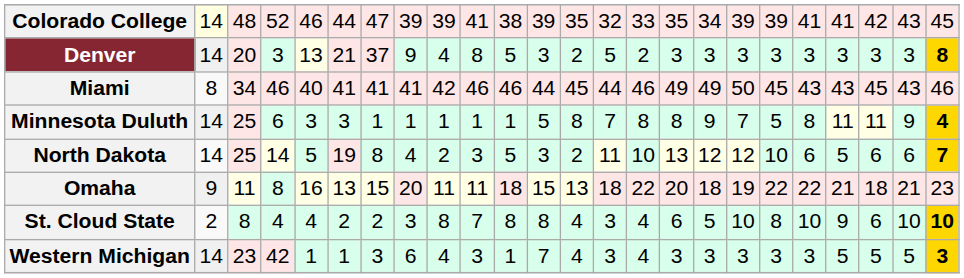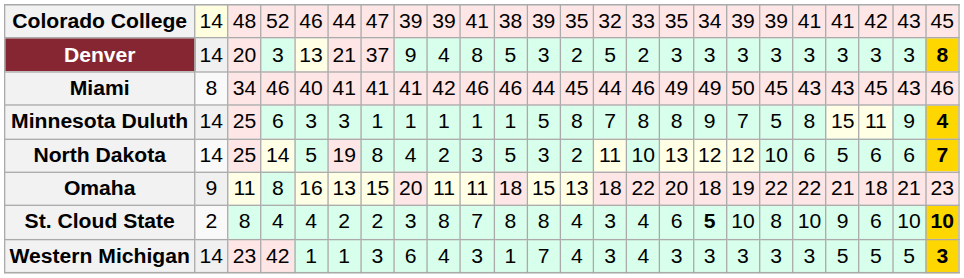 <table class="wikitable sortable" style="text-align: center;">
 <tr>
 </tr>
 <tr>
 <th>Colorado College</th>
 <td style="background: lightyellow;">14</td>
 <td bgcolor=FFE6E6>48</td>
 <td bgcolor=FFE6E6>52</td>
 <td bgcolor=FFE6E6>46</td>
 <td bgcolor=FFE6E6>44</td>
 <td bgcolor=FFE6E6>47</td>
 <td bgcolor=FFE6E6>39</td>
 <td bgcolor=FFE6E6>39</td>
 <td bgcolor=FFE6E6>41</td>
 <td bgcolor=FFE6E6>38</td>
 <td bgcolor=FFE6E6>39</td>
 <td bgcolor=FFE6E6>35</td>
 <td bgcolor=FFE6E6>32</td>
 <td bgcolor=FFE6E6>33</td>
 <td bgcolor=FFE6E6>35</td>
 <td bgcolor=FFE6E6>34</td>
 <td bgcolor=FFE6E6>39</td>
 <td bgcolor=FFE6E6>39</td>
 <td bgcolor=FFE6E6>41</td>
 <td bgcolor=FFE6E6>41</td>
 <td bgcolor=FFE6E6>42</td>
 <td bgcolor=FFE6E6>43</td>
 <td bgcolor=FFE6E6>45</td>
 </tr>
 <tr bgcolor=f0f0f0>
 <th style="color:white; background:#862633; ">Denver</th>
 <td>14</td>
 <td bgcolor=FFE6E6>20</td>
 <td bgcolor=D8FFEB>3</td>
 <td bgcolor=FFFFE6>13</td>
 <td bgcolor=FFE6E6>21</td>
 <td bgcolor=FFE6E6>37</td>
 <td bgcolor=D8FFEB>9</td>
 <td bgcolor=D8FFEB>4</td>
 <td bgcolor=D8FFEB>8</td>
 <td bgcolor=D8FFEB>5</td>
 <td bgcolor=D8FFEB>3</td>
 <td bgcolor=D8FFEB>2</td>
 <td bgcolor=D8FFEB>5</td>
 <td bgcolor=D8FFEB>2</td>
 <td bgcolor=D8FFEB>3</td>
 <td bgcolor=D8FFEB>3</td>
 <td bgcolor=D8FFEB>3</td>
 <td bgcolor=D8FFEB>3</td>
 <td bgcolor=D8FFEB>3</td>
 <td bgcolor=D8FFEB>3</td>
 <td bgcolor=D8FFEB>3</td>
 <td bgcolor=D8FFEB>3</td>
 <td bgcolor=gold><strong>8</strong></td>
 </tr>
 <tr>
 <th>Miami</th>
 <td>8</td>
 <td bgcolor=FFE6E6>34</td>
 <td bgcolor=FFE6E6>46</td>
 <td bgcolor=FFE6E6>40</td>
 <td bgcolor=FFE6E6>41</td>
 <td bgcolor=FFE6E6>41</td>
 <td bgcolor=FFE6E6>41</td>
 <td bgcolor=FFE6E6>42</td>
 <td bgcolor=FFE6E6>46</td>
 <td bgcolor=FFE6E6>46</td>
 <td bgcolor=FFE6E6>44</td>
 <td bgcolor=FFE6E6>45</td>
 <td bgcolor=FFE6E6>44</td>
 <td bgcolor=FFE6E6>46</td>
 <td bgcolor=FFE6E6>49</td>
 <td bgcolor=FFE6E6>49</td>
 <td bgcolor=FFE6E6>50</td>
 <td bgcolor=FFE6E6>45</td>
 <td bgcolor=FFE6E6>43</td>
 <td bgcolor=FFE6E6>43</td>
 <td bgcolor=FFE6E6>45</td>
 <td bgcolor=FFE6E6>43</td>
 <td bgcolor=FFE6E6>46</td>
 </tr>
 <tr bgcolor=f0f0f0>
 <th>Minnesota Duluth</th>
 <td>14</td>
 <td bgcolor=FFE6E6>25</td>
 <td bgcolor=D8FFEB>6</td>
 <td bgcolor=D8FFEB>3</td>
 <td bgcolor=D8FFEB>3</td>
 <td bgcolor=D8FFEB>1</td>
 <td bgcolor=D8FFEB>1</td>
 <td bgcolor=D8FFEB>1</td>
 <td bgcolor=D8FFEB>1</td>
 <td bgcolor=D8FFEB>1</td>
 <td bgcolor=D8FFEB>5</td>
 <td bgcolor=D8FFEB>8</td>
 <td bgcolor=D8FFEB>7</td>
 <td bgcolor=D8FFEB>8</td>
 <td bgcolor=D8FFEB>8</td>
 <td bgcolor=D8FFEB>9</td>
 <td bgcolor=D8FFEB>7</td>
 <td bgcolor=D8FFEB>5</td>
 <td bgcolor=D8FFEB>8</td>
-<td bgcolor=FFFFE6>11</td>
+<td bgcolor=FFFFE6>15</td>
 <td bgcolor=FFFFE6>11</td>
 <td bgcolor=D8FFEB>9</td>
 <td bgcolor=gold><strong>4</strong></td>
 </tr>
 <tr>
 <th>North Dakota</th>
 <td>14</td>
 <td bgcolor=FFE6E6>25</td>
 <td bgcolor=FFFFE6>14</td>
 <td bgcolor=D8FFEB>5</td>
 <td bgcolor=FFE6E6>19</td>
 <td bgcolor=D8FFEB>8</td>
 <td bgcolor=D8FFEB>4</td>
 <td bgcolor=D8FFEB>2</td>
 <td bgcolor=D8FFEB>3</td>
 <td bgcolor=D8FFEB>5</td>
 <td bgcolor=D8FFEB>3</td>
 <td bgcolor=D8FFEB>2</td>
 <td bgcolor=FFFFE6>11</td>
 <td bgcolor=D8FFEB>10</td>
 <td bgcolor=FFFFE6>13</td>
 <td bgcolor=FFFFE6>12</td>
 <td bgcolor=FFFFE6>12</td>
 <td bgcolor=D8FFEB>10</td>
 <td bgcolor=D8FFEB>6</td>
 <td bgcolor=D8FFEB>5</td>
 <td bgcolor=D8FFEB>6</td>
 <td bgcolor=D8FFEB>6</td>
 <td bgcolor=gold><strong>7</strong></td>
 </tr>
 <tr bgcolor=f0f0f0>
 <th>Omaha</th>
 <td>9</td>
 <td bgcolor=FFFFE6>11</td>
 <td bgcolor=D8FFEB>8</td>
 <td bgcolor=FFFFE6>16</td>
 <td bgcolor=FFFFE6>13</td>
 <td bgcolor=FFFFE6>15</td>
 <td bgcolor=FFE6E6>20</td>
 <td bgcolor=FFFFE6>11</td>
 <td bgcolor=FFFFE6>11</td>
 <td bgcolor=FFE6E6>18</td>
 <td bgcolor=FFFFE6>15</td>
 <td bgcolor=FFFFE6>13</td>
 <td bgcolor=FFE6E6>18</td>
 <td bgcolor=FFE6E6>22</td>
 <td bgcolor=FFE6E6>20</td>
 <td bgcolor=FFE6E6>18</td>
 <td bgcolor=FFE6E6>19</td>
 <td bgcolor=FFE6E6>22</td>
 <td bgcolor=FFE6E6>22</td>
 <td bgcolor=FFE6E6>21</td>
 <td bgcolor=FFE6E6>18</td>
 <td bgcolor=FFE6E6>21</td>
 <td bgcolor=FFE6E6>23</td>
 </tr>
 <tr>
 <th>St. Cloud State</th>
 <td>2</td>
 <td bgcolor=D8FFEB>8</td>
 <td bgcolor=D8FFEB>4</td>
 <td bgcolor=D8FFEB>4</td>
 <td bgcolor=D8FFEB>2</td>
 <td bgcolor=D8FFEB>2</td>
 <td bgcolor=D8FFEB>3</td>
 <td bgcolor=D8FFEB>8</td>
 <td bgcolor=D8FFEB>7</td>
 <td bgcolor=D8FFEB>8</td>
 <td bgcolor=D8FFEB>8</td>
 <td bgcolor=D8FFEB>4</td>
 <td bgcolor=D8FFEB>3</td>
 <td bgcolor=D8FFEB>4</td>
 <td bgcolor=D8FFEB>6</td>
-<td bgcolor=D8FFEB>5</td>
+<td bgcolor=D8FFEB><strong>5</strong></td>
 <td bgcolor=D8FFEB>10</td>
 <td bgcolor=D8FFEB>8</td>
 <td bgcolor=D8FFEB>10</td>
 <td bgcolor=D8FFEB>9</td>
 <td bgcolor=D8FFEB>6</td>
 <td bgcolor=D8FFEB>10</td>
 <td bgcolor=gold><strong>10</strong></td>
 </tr>
 <tr bgcolor=f0f0f0>
 <th>Western Michigan</th>
 <td>14</td>
 <td bgcolor=FFE6E6>23</td>
 <td bgcolor=FFE6E6>42</td>
 <td bgcolor=D8FFEB>1</td>
 <td bgcolor=D8FFEB>1</td>
 <td bgcolor=D8FFEB>3</td>
 <td bgcolor=D8FFEB>6</td>
 <td bgcolor=D8FFEB>4</td>
 <td bgcolor=D8FFEB>3</td>
 <td bgcolor=D8FFEB>1</td>
 <td bgcolor=D8FFEB>7</td>
 <td bgcolor=D8FFEB>4</td>
 <td bgcolor=D8FFEB>3</td>
 <td bgcolor=D8FFEB>4</td>
 <td bgcolor=D8FFEB>3</td>
 <td bgcolor=D8FFEB>3</td>
 <td bgcolor=D8FFEB>3</td>
 <td bgcolor=D8FFEB>3</td>
 <td bgcolor=D8FFEB>3</td>
 <td bgcolor=D8FFEB>5</td>
 <td bgcolor=D8FFEB>5</td>
 <td bgcolor=D8FFEB>5</td>
 <td bgcolor=gold><strong>3</strong></td>
 </tr>
 <tr>
 </tr>
 </table>
